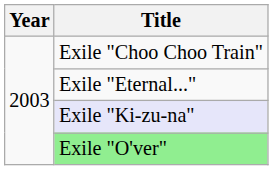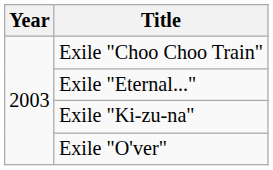 <table class="wikitable">
 <tr>
 <th>Year</th>
 <th>Title</th>
 </tr>
 <tr>
 <td rowspan="4">2003</td>
 <td>Exile "Choo Choo Train"</td>
 </tr>
 <tr>
 <td>Exile "Eternal..."</td>
 </tr>
 <tr>
-<td style="background: lavender;">Exile "Ki-zu-na"</td>
+<td>Exile "Ki-zu-na"</td>
 </tr>
 <tr>
-<td style="background: lightgreen;">Exile "O'ver"</td>
+<td>Exile "O'ver"</td>
 </tr>
 </table>
